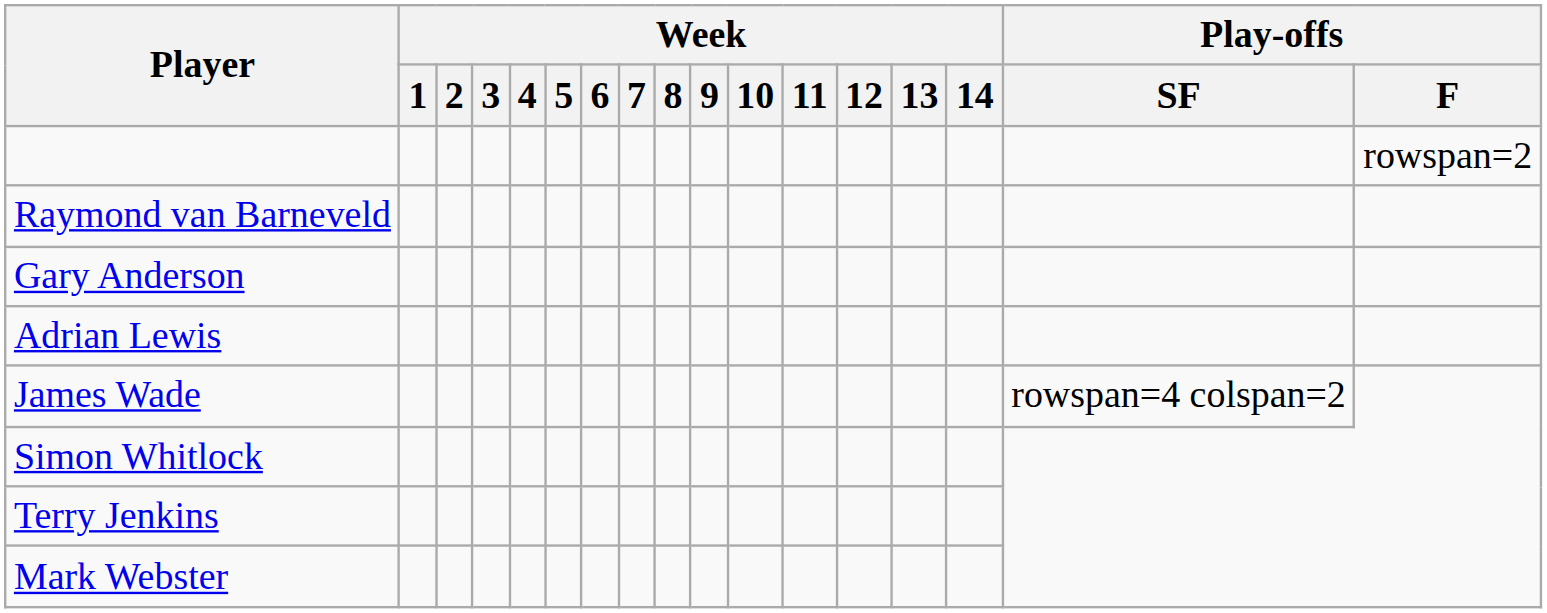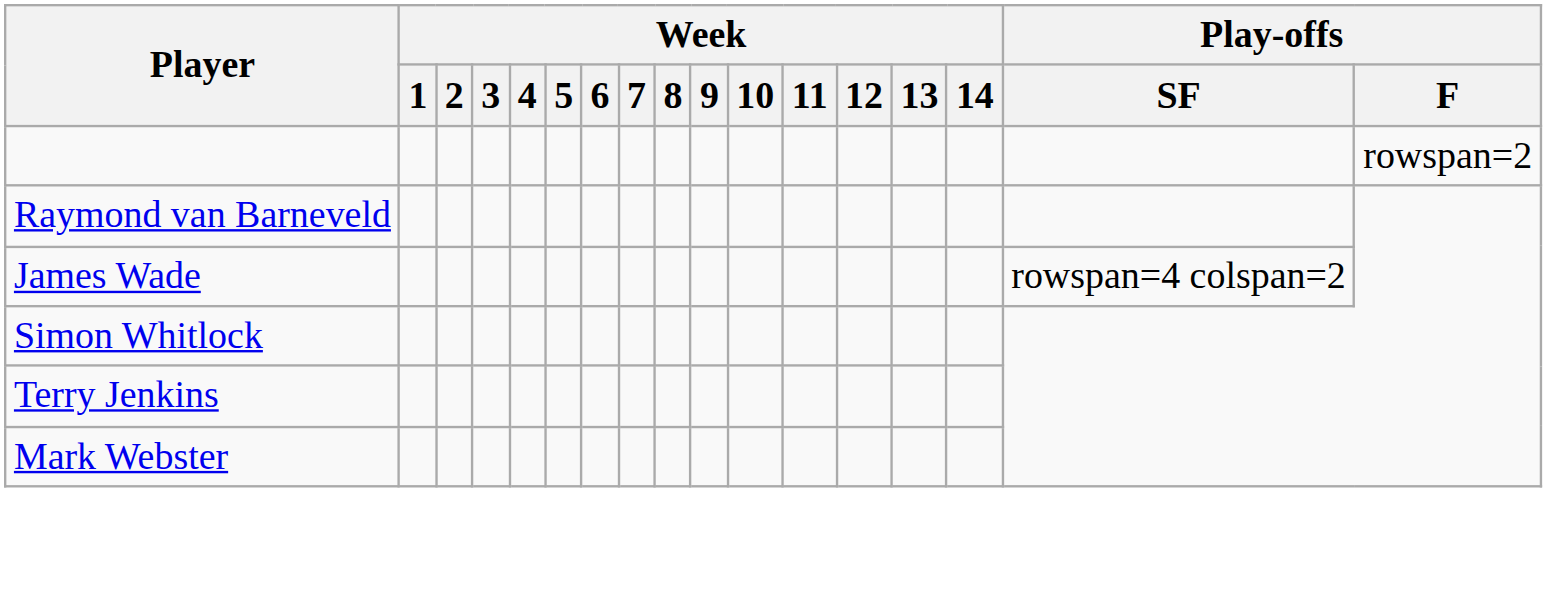 <table class="wikitable">
 <tr>
 <th rowspan=2>Player</th>
 <th colspan=14>Week</th>
 <th colspan=2>Play-offs</th>
 </tr>
 <tr>
 <th>1</th>
 <th>2</th>
 <th>3</th>
 <th>4</th>
 <th>5</th>
 <th>6</th>
 <th>7</th>
 <th>8</th>
 <th>9</th>
 <th>10</th>
 <th>11</th>
 <th>12</th>
 <th>13</th>
 <th>14</th>
 <th>SF</th>
 <th>F</th>
 </tr>
 <tr>
 <td> </td>
 <td></td>
 <td></td>
 <td></td>
 <td></td>
 <td></td>
 <td></td>
 <td></td>
 <td></td>
 <td></td>
 <td></td>
 <td></td>
 <td></td>
 <td></td>
 <td></td>
 <td></td>
 <td>rowspan=2 </td>
 </tr>
 <tr>
 <td> <a href='#'>Raymond van Barneveld</a></td>
-<td></td>
-<td></td>
-<td></td>
-<td></td>
-<td></td>
-<td></td>
-<td></td>
-<td></td>
-<td></td>
-<td></td>
-<td></td>
-<td></td>
-<td></td>
-<td></td>
-<td></td>
-</tr>
-<tr>
-<td> <a href='#'>Gary Anderson</a></td>
-<td></td>
-<td></td>
-<td></td>
-<td></td>
-<td></td>
-<td></td>
-<td></td>
-<td></td>
-<td></td>
-<td></td>
-<td></td>
-<td></td>
-<td></td>
-<td></td>
-<td></td>
-<td></td>
-</tr>
-<tr>
-<td> <a href='#'>Adrian Lewis</a></td>
-<td></td>
 <td></td>
 <td></td>
 <td></td>
 <td></td>
 <td></td>
 <td></td>
 <td></td>
 <td></td>
 <td></td>
 <td></td>
 <td></td>
 <td></td>
 <td></td>
 <td></td>
 <td></td>
 </tr>
 <tr>
 <td> <a href='#'>James Wade</a></td>
 <td></td>
 <td></td>
 <td></td>
 <td></td>
 <td></td>
 <td></td>
 <td></td>
 <td></td>
 <td></td>
 <td></td>
 <td></td>
 <td></td>
 <td></td>
 <td></td>
 <td>rowspan=4 colspan=2 </td>
 </tr>
 <tr>
 <td> <a href='#'>Simon Whitlock</a></td>
 <td></td>
 <td></td>
 <td></td>
 <td></td>
 <td></td>
 <td></td>
 <td></td>
 <td></td>
 <td></td>
 <td></td>
 <td></td>
 <td></td>
 <td></td>
 <td></td>
 </tr>
 <tr>
 <td> <a href='#'>Terry Jenkins</a></td>
 <td></td>
 <td></td>
 <td></td>
 <td></td>
 <td></td>
 <td></td>
 <td></td>
 <td></td>
 <td></td>
 <td></td>
 <td></td>
 <td></td>
 <td></td>
 <td></td>
 </tr>
 <tr>
 <td> <a href='#'>Mark Webster</a></td>
 <td></td>
 <td></td>
 <td></td>
 <td></td>
 <td></td>
 <td></td>
 <td></td>
 <td></td>
 <td></td>
 <td></td>
 <td></td>
 <td></td>
 <td></td>
 <td></td>
 </tr>
 </table>
